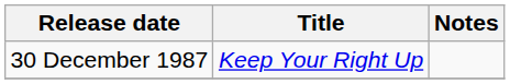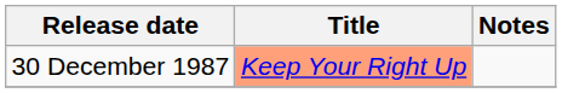 <table class="wikitable sortable">
 <tr>
 <th scope="col">Release date</th>
 <th>Title</th>
 <th>Notes</th>
 </tr>
 <tr>
 <td style="text-align:right;">30 December 1987</td>
-<td><em><a href='#'>Keep Your Right Up</a></em></td>
+<td style="background: lightsalmon;"><em><a href='#'>Keep Your Right Up</a></em></td>
 <td></td>
 </tr>
 <tr>
 </tr>
 </table>
